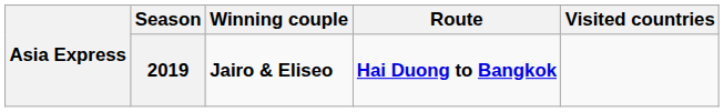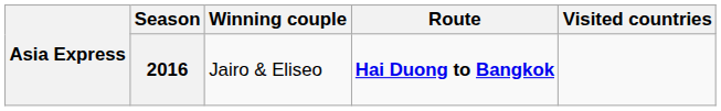 <table class="wikitable">
 <tr>
 <th rowspan="8">Asia Express</th>
 <th>Season</th>
 <th>Winning couple</th>
 <th>Route</th>
 <th>Visited countries</th>
 </tr>
 <tr>
-<th>2019</th>
-<td><strong>Jairo & Eliseo</strong></td>
+<th>2016</th>
+<td>Jairo & Eliseo</td>
 <td><strong><a href='#'>Hai Duong</a> to <a href='#'>Bangkok</a></strong></td>
 <td><br><br><br></td>
 </tr>
 </table>
